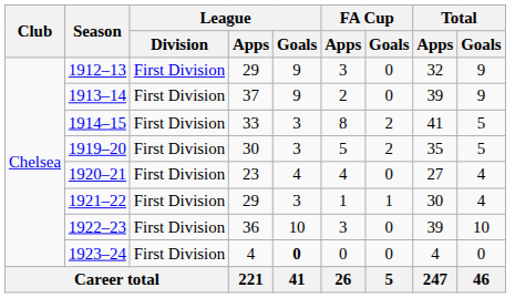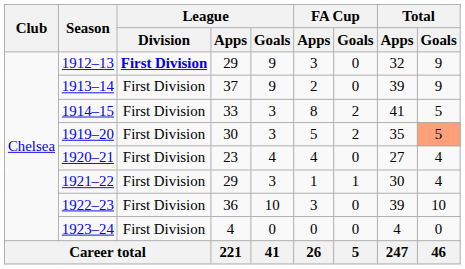 <table class="wikitable" style="text-align: center">
 <tr>
 <th rowspan="2">Club</th>
 <th rowspan="2">Season</th>
 <th colspan="3">League</th>
 <th colspan="2">FA Cup</th>
 <th colspan="2">Total</th>
 </tr>
 <tr>
 <th>Division</th>
 <th>Apps</th>
 <th>Goals</th>
 <th>Apps</th>
 <th>Goals</th>
 <th>Apps</th>
 <th>Goals</th>
 </tr>
 <tr>
 <td rowspan="8"><a href='#'>Chelsea</a></td>
 <td><a href='#'>1912–13</a></td>
-<td><a href='#'>First Division</a></td>
+<td><strong><a href='#'>First Division</a></strong></td>
 <td>29</td>
 <td>9</td>
 <td>3</td>
 <td>0</td>
 <td>32</td>
 <td>9</td>
 </tr>
 <tr>
 <td><a href='#'>1913–14</a></td>
 <td>First Division</td>
 <td>37</td>
 <td>9</td>
 <td>2</td>
 <td>0</td>
 <td>39</td>
 <td>9</td>
 </tr>
 <tr>
 <td><a href='#'>1914–15</a></td>
 <td>First Division</td>
 <td>33</td>
 <td>3</td>
 <td>8</td>
 <td>2</td>
 <td>41</td>
 <td>5</td>
 </tr>
 <tr>
 <td><a href='#'>1919–20</a></td>
 <td>First Division</td>
 <td>30</td>
 <td>3</td>
 <td>5</td>
 <td>2</td>
 <td>35</td>
-<td>5</td>
+<td style="background: lightsalmon;">5</td>
 </tr>
 <tr>
 <td><a href='#'>1920–21</a></td>
 <td>First Division</td>
 <td>23</td>
 <td>4</td>
 <td>4</td>
 <td>0</td>
 <td>27</td>
 <td>4</td>
 </tr>
 <tr>
 <td><a href='#'>1921–22</a></td>
 <td>First Division</td>
 <td>29</td>
 <td>3</td>
 <td>1</td>
 <td>1</td>
 <td>30</td>
 <td>4</td>
 </tr>
 <tr>
 <td><a href='#'>1922–23</a></td>
 <td>First Division</td>
 <td>36</td>
 <td>10</td>
 <td>3</td>
 <td>0</td>
 <td>39</td>
 <td>10</td>
 </tr>
 <tr>
 <td><a href='#'>1923–24</a></td>
 <td>First Division</td>
 <td>4</td>
-<td><strong>0</strong></td>
+<td>0</td>
 <td>0</td>
 <td>0</td>
 <td>4</td>
 <td>0</td>
 </tr>
 <tr>
 <th colspan="3">Career total</th>
 <th>221</th>
 <th>41</th>
 <th>26</th>
 <th>5</th>
 <th>247</th>
 <th>46</th>
 </tr>
 </table>
